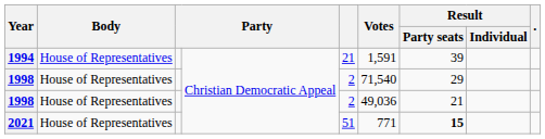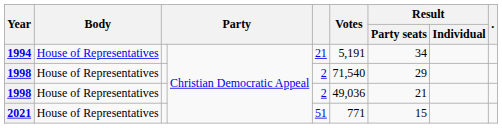 <table class="wikitable plainrowheaders sortable" border=2 cellpadding=4 cellspacing=0 style="border: 1px #aaa solid; font-size: 90%; text-align:center;">
 <tr>
 <th scope="col" rowspan=2>Year</th>
 <th scope="col" rowspan=2>Body</th>
 <th scope="col" colspan=2 rowspan=2>Party</th>
 <th scope="col" rowspan=2></th>
 <th scope="col" rowspan=2>Votes</th>
 <th scope="colgroup" colspan=2>Result</th>
 <th scope="col" rowspan=2 class="unsortable">.</th>
 </tr>
 <tr>
 <th scope="col">Party seats</th>
 <th scope="col">Individual</th>
 </tr>
 <tr>
 <th scope="row"><a href='#'>1994</a></th>
 <td><a href='#'>House of Representatives</a></td>
 <td style="background-color:"></td>
 <td rowspan="4"><a href='#'>Christian Democratic Appeal</a></td>
 <td style=text-align:right><a href='#'>21</a></td>
-<td style=text-align:right>1,591</td>
-<td style=text-align:right>39</td>
+<td style=text-align:right>5,191</td>
+<td style=text-align:right>34</td>
 <td></td>
 <td></td>
 </tr>
 <tr>
 <th scope="row"><a href='#'>1998</a></th>
 <td>House of Representatives</td>
 <td style="background-color:"></td>
 <td style=text-align:right><a href='#'>2</a></td>
 <td style=text-align:right>71,540</td>
 <td style=text-align:right>29</td>
 <td></td>
 <td></td>
 </tr>
 <tr>
 <th scope="row"><a href='#'>1998</a></th>
 <td>House of Representatives</td>
 <td style="background-color:"></td>
 <td style=text-align:right><a href='#'>2</a></td>
 <td style=text-align:right>49,036</td>
 <td style=text-align:right>21</td>
 <td></td>
 <td></td>
 </tr>
 <tr>
 <th scope="row"><a href='#'>2021</a></th>
 <td>House of Representatives</td>
 <td style="background-color:"></td>
 <td style=text-align:right><a href='#'>51</a></td>
 <td style=text-align:right>771</td>
-<td style=text-align:right><strong>15</strong></td>
+<td style=text-align:right>15</td>
 <td></td>
 <td></td>
 </tr>
 </table>
